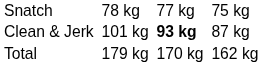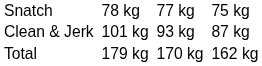 <table>
 <tr>
 <td>Snatch</td>
 <td></td>
 <td>78 kg</td>
 <td></td>
 <td>77 kg</td>
 <td></td>
 <td>75 kg</td>
 </tr>
 <tr>
 <td>Clean & Jerk</td>
 <td></td>
 <td>101 kg</td>
 <td></td>
-<td><strong>93 kg</strong></td>
+<td>93 kg</td>
 <td></td>
 <td>87 kg</td>
 </tr>
 <tr>
 <td>Total</td>
 <td></td>
 <td>179 kg</td>
 <td></td>
 <td>170 kg</td>
 <td></td>
 <td>162 kg</td>
 </tr>
 </table>
